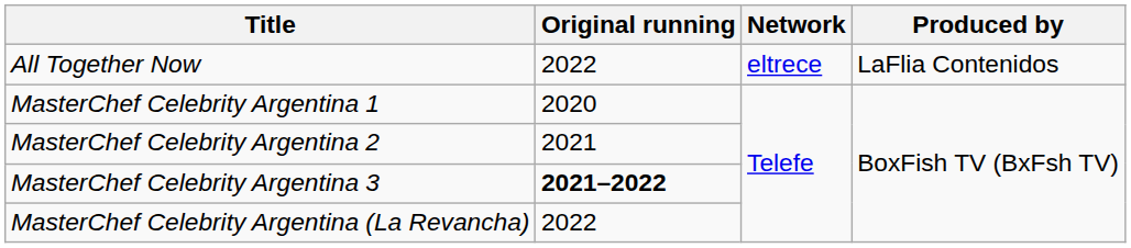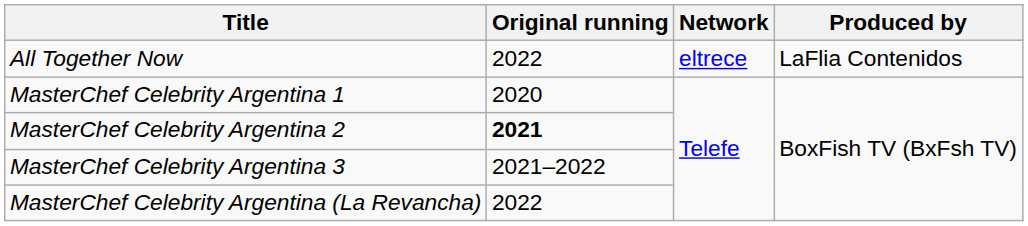 <table class="wikitable sortable">
 <tr>
 <th>Title</th>
 <th>Original running</th>
 <th>Network</th>
 <th>Produced by</th>
 </tr>
 <tr>
 <td><em>All Together Now</em></td>
 <td>2022</td>
 <td><a href='#'>eltrece</a></td>
 <td>LaFlia Contenidos</td>
 </tr>
 <tr>
 <td><em>MasterChef Celebrity Argentina 1</em></td>
 <td>2020</td>
 <td rowspan="4"><a href='#'>Telefe</a></td>
 <td rowspan="4">BoxFish TV (BxFsh TV)</td>
 </tr>
 <tr>
 <td><em>MasterChef Celebrity Argentina 2</em></td>
-<td>2021</td>
+<td><strong>2021</strong></td>
 </tr>
 <tr>
 <td><em>MasterChef Celebrity Argentina 3</em></td>
-<td><strong>2021–2022</strong></td>
+<td>2021–2022</td>
 </tr>
 <tr>
 <td><em>MasterChef Celebrity Argentina (La Revancha)</em></td>
 <td>2022</td>
 </tr>
 </table>
